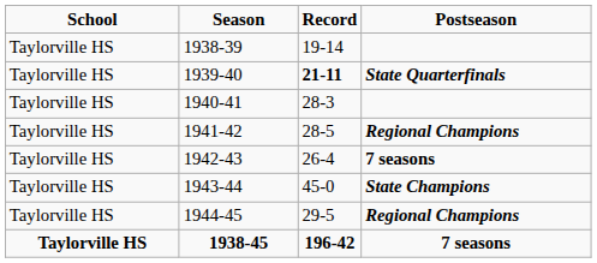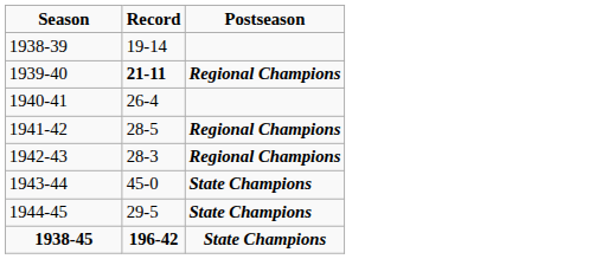 <table class="wikitable">
 <tr align="center">
-<td><strong>School</strong></td>
 <td><strong>Season</strong></td>
 <td><strong>Record</strong></td>
 <td><strong>Postseason</strong></td>
 </tr>
 <tr align= bgcolor="">
-<td>Taylorville HS</td>
 <td>1938-39</td>
 <td>19-14</td>
 <td></td>
 </tr>
 <tr>
-<td>Taylorville HS</td>
 <td>1939-40</td>
 <td><strong>21-11</strong></td>
-<td><strong><em>State Quarterfinals</em></strong></td>
+<td><strong><em>Regional Champions</em></strong></td>
 </tr>
 <tr>
-<td>Taylorville HS</td>
 <td>1940-41</td>
-<td>28-3</td>
+<td>26-4</td>
 <td></td>
 </tr>
 <tr>
-<td>Taylorville HS</td>
 <td>1941-42</td>
 <td>28-5</td>
 <td><strong><em>Regional Champions</em></strong></td>
 </tr>
 <tr>
-<td>Taylorville HS</td>
 <td>1942-43</td>
-<td>26-4</td>
-<td width="200"><strong>7 seasons</strong></td>
+<td>28-3</td>
+<td><strong><em>Regional Champions</em></strong></td>
 </tr>
 <tr>
-<td>Taylorville HS</td>
 <td>1943-44</td>
 <td>45-0</td>
 <td><strong><em>State Champions</em></strong></td>
 </tr>
 <tr>
-<td>Taylorville HS</td>
 <td>1944-45</td>
 <td>29-5</td>
-<td><strong><em>Regional Champions</em></strong></td>
+<td><strong><em>State Champions</em></strong></td>
 </tr>
 <tr align="center" bgcolor="">
-<td width="150"><strong>Taylorville HS</strong></td>
 <td width="100"><strong>1938-45</strong></td>
 <td width="50"><strong>196-42</strong></td>
-<td width="200"><strong>7 seasons</strong></td>
+<td><strong><em>State Champions</em></strong></td>
 </tr>
 </table>
